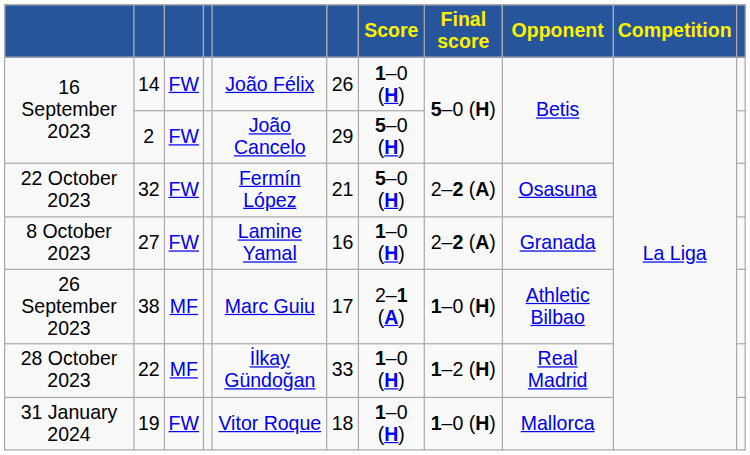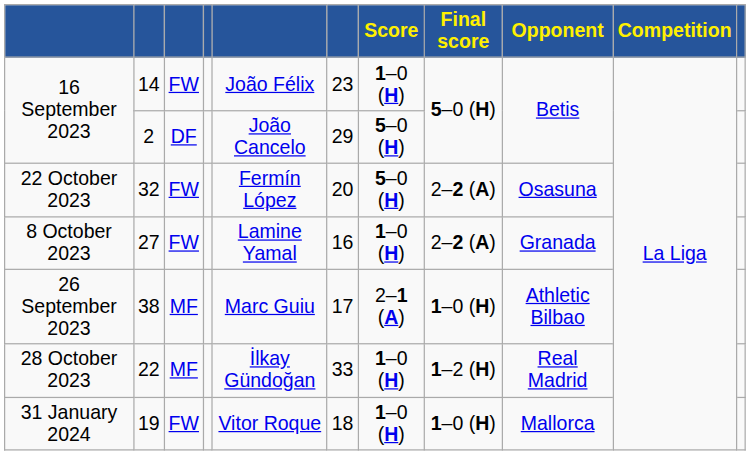 <table class="wikitable" style="text-align:center">
 <tr>
 <th style="background:#26559B;color:#FFF000;"></th>
 <th style="background:#26559B;color:#FFF000;"></th>
 <th style="background:#26559B;color:#FFF000;"></th>
 <th style="background:#26559B;color:#FFF000;"></th>
 <th style="background:#26559B;color:#FFF000;"></th>
 <th style="background:#26559B;color:#FFF000;"></th>
 <th style="background:#26559B;color:#FFF000;">Score</th>
 <th style="background:#26559B;color:#FFF000;">Final score</th>
 <th style="background:#26559B;color:#FFF000;">Opponent</th>
 <th style="background:#26559B;color:#FFF000;">Competition</th>
 <th style="background:#26559B;color:#FFF000;"></th>
 </tr>
 <tr>
 <td rowspan=2>16 September 2023</td>
 <td>14</td>
 <td><a href='#'>FW</a></td>
 <td></td>
 <td><a href='#'>João Félix</a></td>
-<td>26</td>
+<td>23</td>
 <td><strong>1</strong>–0 (<a href='#'><strong>H</strong></a>)</td>
 <td rowspan=2><strong>5</strong>–0 (<strong>H</strong>)</td>
 <td rowspan=2><a href='#'>Betis</a></td>
 <td rowspan=7><a href='#'>La Liga</a></td>
 <td></td>
 </tr>
 <tr>
 <td>2</td>
-<td><a href='#'>FW</a></td>
+<td><a href='#'>DF</a></td>
 <td></td>
 <td><a href='#'>João Cancelo</a></td>
 <td>29</td>
 <td><strong>5</strong>–0 (<a href='#'><strong>H</strong></a>)</td>
 <td></td>
 </tr>
 <tr>
 <td>22 October 2023</td>
 <td>32</td>
 <td><a href='#'>FW</a></td>
 <td></td>
 <td><a href='#'>Fermín López</a></td>
-<td>21</td>
+<td>20</td>
 <td><strong>5</strong>–0 (<a href='#'><strong>H</strong></a>)</td>
 <td>2–<strong>2</strong> (<strong>A</strong>)</td>
 <td><a href='#'>Osasuna</a></td>
 <td></td>
 </tr>
 <tr>
 <td>8 October 2023</td>
 <td>27</td>
 <td><a href='#'>FW</a></td>
 <td></td>
 <td><a href='#'>Lamine Yamal</a></td>
 <td>16</td>
 <td><strong>1</strong>–0 (<a href='#'><strong>H</strong></a>)</td>
 <td>2–<strong>2</strong> (<strong>A</strong>)</td>
 <td><a href='#'>Granada</a></td>
 <td></td>
 </tr>
 <tr>
 <td>26 September 2023</td>
 <td>38</td>
 <td><a href='#'>MF</a></td>
 <td></td>
 <td><a href='#'>Marc Guiu</a></td>
 <td>17</td>
 <td>2–<strong>1</strong> (<a href='#'><strong>A</strong></a>)</td>
 <td><strong>1</strong>–0 (<strong>H</strong>)</td>
 <td><a href='#'>Athletic Bilbao</a></td>
 <td></td>
 </tr>
 <tr>
 <td>28 October 2023</td>
 <td>22</td>
 <td><a href='#'>MF</a></td>
 <td></td>
 <td><a href='#'>İlkay Gündoğan</a></td>
 <td>33</td>
 <td><strong>1</strong>–0 (<a href='#'><strong>H</strong></a>)</td>
 <td><strong>1</strong>–2 (<strong>H</strong>)</td>
 <td><a href='#'>Real Madrid</a></td>
 <td></td>
 </tr>
 <tr>
 <td>31 January 2024</td>
 <td>19</td>
 <td><a href='#'>FW</a></td>
 <td></td>
 <td><a href='#'>Vitor Roque</a></td>
 <td>18</td>
 <td><strong>1</strong>–0 (<a href='#'><strong>H</strong></a>)</td>
 <td><strong>1</strong>–0 (<strong>H</strong>)</td>
 <td><a href='#'>Mallorca</a></td>
 <td></td>
 </tr>
 </table>
